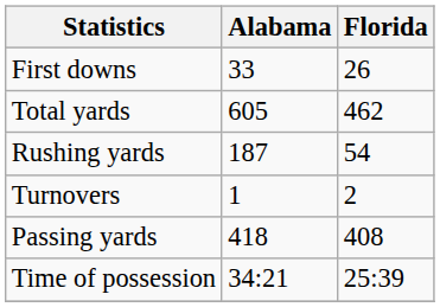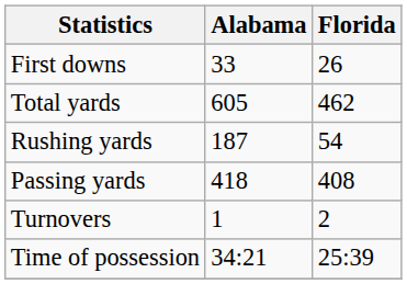 <table class="wikitable" style="float: left;">
 <tr>
 <th>Statistics</th>
 <th>Alabama</th>
 <th>Florida</th>
 </tr>
 <tr>
 <td>First downs</td>
 <td>33</td>
 <td>26</td>
 </tr>
 <tr>
 <td>Total yards</td>
 <td>605</td>
 <td>462</td>
 </tr>
 <tr>
 <td>Rushing yards</td>
 <td>187</td>
 <td>54</td>
 </tr>
 <tr>
+<td>Passing yards</td>
+<td>418</td>
+<td>408</td>
+</tr>
+<tr>
 <td>Turnovers</td>
 <td>1</td>
 <td>2</td>
-</tr>
-<tr>
-<td>Passing yards</td>
-<td>418</td>
-<td>408</td>
 </tr>
 <tr>
 <td>Time of possession</td>
 <td>34:21</td>
 <td>25:39</td>
 </tr>
 <tr>
 </tr>
 </table>
